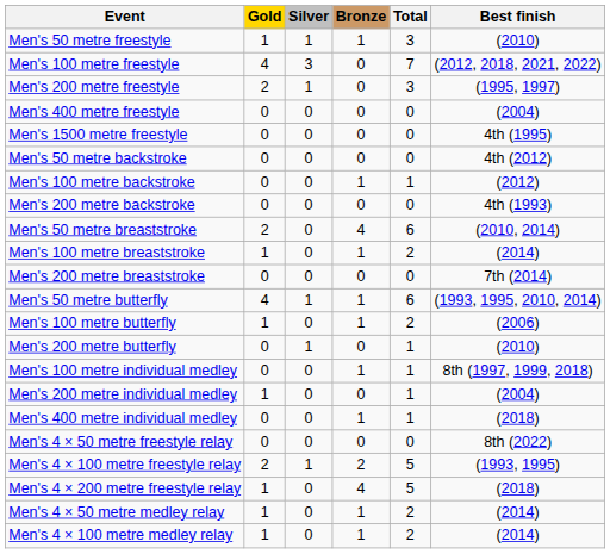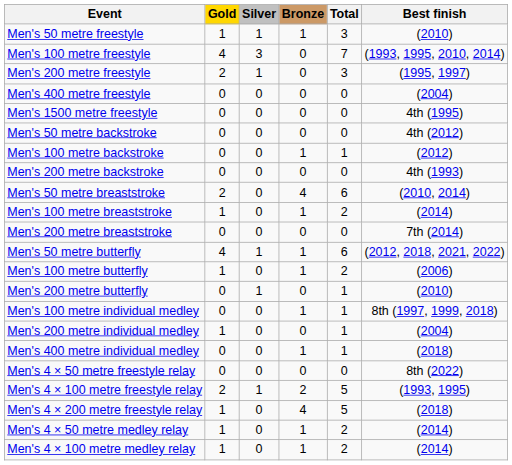 <table class="wikitable sortable" style="text-align:center">
 <tr>
 <th>Event</th>
 <th style="background-color:gold;">Gold</th>
 <th style="background-color:silver;">Silver</th>
 <th style="background-color:#c96;">Bronze</th>
 <th>Total</th>
 <th>Best finish</th>
 </tr>
 <tr>
 <td align=left><a href='#'>Men's 50 metre freestyle</a></td>
 <td>1</td>
 <td>1</td>
 <td>1</td>
 <td>3</td>
 <td> (<a href='#'>2010</a>)</td>
 </tr>
 <tr>
 <td align=left><a href='#'>Men's 100 metre freestyle</a></td>
 <td>4</td>
 <td>3</td>
 <td>0</td>
 <td>7</td>
-<td> (<a href='#'>2012</a>, <a href='#'>2018</a>, <a href='#'>2021</a>, <a href='#'>2022</a>)</td>
+<td> (<a href='#'>1993</a>, <a href='#'>1995</a>, <a href='#'>2010</a>, <a href='#'>2014</a>)</td>
 </tr>
 <tr>
 <td align=left><a href='#'>Men's 200 metre freestyle</a></td>
 <td>2</td>
 <td>1</td>
 <td>0</td>
 <td>3</td>
 <td> (<a href='#'>1995</a>, <a href='#'>1997</a>)</td>
 </tr>
 <tr>
 <td align=left><a href='#'>Men's 400 metre freestyle</a></td>
 <td>0</td>
 <td>0</td>
 <td>0</td>
 <td>0</td>
 <td> (<a href='#'>2004</a>)</td>
 </tr>
 <tr>
 <td align=left><a href='#'>Men's 1500 metre freestyle</a></td>
 <td>0</td>
 <td>0</td>
 <td>0</td>
 <td>0</td>
 <td>4th (<a href='#'>1995</a>)</td>
 </tr>
 <tr>
 <td align=left><a href='#'>Men's 50 metre backstroke</a></td>
 <td>0</td>
 <td>0</td>
 <td>0</td>
 <td>0</td>
 <td>4th (<a href='#'>2012</a>)</td>
 </tr>
 <tr>
 <td align=left><a href='#'>Men's 100 metre backstroke</a></td>
 <td>0</td>
 <td>0</td>
 <td>1</td>
 <td>1</td>
 <td> (<a href='#'>2012</a>)</td>
 </tr>
 <tr>
 <td align=left><a href='#'>Men's 200 metre backstroke</a></td>
 <td>0</td>
 <td>0</td>
 <td>0</td>
 <td>0</td>
 <td>4th (<a href='#'>1993</a>)</td>
 </tr>
 <tr>
 <td align=left><a href='#'>Men's 50 metre breaststroke</a></td>
 <td>2</td>
 <td>0</td>
 <td>4</td>
 <td>6</td>
 <td> (<a href='#'>2010</a>, <a href='#'>2014</a>)</td>
 </tr>
 <tr>
 <td align=left><a href='#'>Men's 100 metre breaststroke</a></td>
 <td>1</td>
 <td>0</td>
 <td>1</td>
 <td>2</td>
 <td> (<a href='#'>2014</a>)</td>
 </tr>
 <tr>
 <td align=left><a href='#'>Men's 200 metre breaststroke</a></td>
 <td>0</td>
 <td>0</td>
 <td>0</td>
 <td>0</td>
 <td>7th (<a href='#'>2014</a>)</td>
 </tr>
 <tr>
 <td align=left><a href='#'>Men's 50 metre butterfly</a></td>
 <td>4</td>
 <td>1</td>
 <td>1</td>
 <td>6</td>
-<td> (<a href='#'>1993</a>, <a href='#'>1995</a>, <a href='#'>2010</a>, <a href='#'>2014</a>)</td>
+<td> (<a href='#'>2012</a>, <a href='#'>2018</a>, <a href='#'>2021</a>, <a href='#'>2022</a>)</td>
 </tr>
 <tr>
 <td align=left><a href='#'>Men's 100 metre butterfly</a></td>
 <td>1</td>
 <td>0</td>
 <td>1</td>
 <td>2</td>
 <td> (<a href='#'>2006</a>)</td>
 </tr>
 <tr>
 <td align=left><a href='#'>Men's 200 metre butterfly</a></td>
 <td>0</td>
 <td>1</td>
 <td>0</td>
 <td>1</td>
 <td> (<a href='#'>2010</a>)</td>
 </tr>
 <tr>
 <td align=left><a href='#'>Men's 100 metre individual medley</a></td>
 <td>0</td>
 <td>0</td>
 <td>1</td>
 <td>1</td>
 <td>8th (<a href='#'>1997</a>, <a href='#'>1999</a>, <a href='#'>2018</a>)</td>
 </tr>
 <tr>
 <td align=left><a href='#'>Men's 200 metre individual medley</a></td>
 <td>1</td>
 <td>0</td>
 <td>0</td>
 <td>1</td>
 <td> (<a href='#'>2004</a>)</td>
 </tr>
 <tr>
 <td align=left><a href='#'>Men's 400 metre individual medley</a></td>
 <td>0</td>
 <td>0</td>
 <td>1</td>
 <td>1</td>
 <td> (<a href='#'>2018</a>)</td>
 </tr>
 <tr>
 <td align=left><a href='#'>Men's 4 × 50 metre freestyle relay</a></td>
 <td>0</td>
 <td>0</td>
 <td>0</td>
 <td>0</td>
 <td>8th (<a href='#'>2022</a>)</td>
 </tr>
 <tr>
 <td align=left><a href='#'>Men's 4 × 100 metre freestyle relay</a></td>
 <td>2</td>
 <td>1</td>
 <td>2</td>
 <td>5</td>
 <td> (<a href='#'>1993</a>, <a href='#'>1995</a>)</td>
 </tr>
 <tr>
 <td align=left><a href='#'>Men's 4 × 200 metre freestyle relay</a></td>
 <td>1</td>
 <td>0</td>
 <td>4</td>
 <td>5</td>
 <td> (<a href='#'>2018</a>)</td>
 </tr>
 <tr>
 <td align=left><a href='#'>Men's 4 × 50 metre medley relay</a></td>
 <td>1</td>
 <td>0</td>
 <td>1</td>
 <td>2</td>
 <td> (<a href='#'>2014</a>)</td>
 </tr>
 <tr>
 <td align=left><a href='#'>Men's 4 × 100 metre medley relay</a></td>
 <td>1</td>
 <td>0</td>
 <td>1</td>
 <td>2</td>
 <td> (<a href='#'>2014</a>)</td>
 </tr>
 </table>
